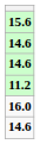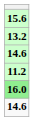 <table class="wikitable" style="text-align: center;">
 <tr>
 <th></th>
 </tr>
 <tr>
 <td style="background:#ccffcc;"><strong>15.6</strong></td>
 </tr>
 <tr>
-<td style="background:#ccffcc;"><strong>14.6</strong></td>
+<td style="background:#ccffcc;"><strong>13.2</strong></td>
 </tr>
 <tr>
 <td style="background:#ccffcc;"><strong>14.6</strong></td>
 </tr>
 <tr>
 <td style="background:#ccffcc;"><strong>11.2</strong></td>
 </tr>
 <tr>
-<td><strong>16.0</strong></td>
+<td style="background: lightgreen;"><strong>16.0</strong></td>
 </tr>
 <tr>
 <td><strong>14.6</strong></td>
 </tr>
 </table>
